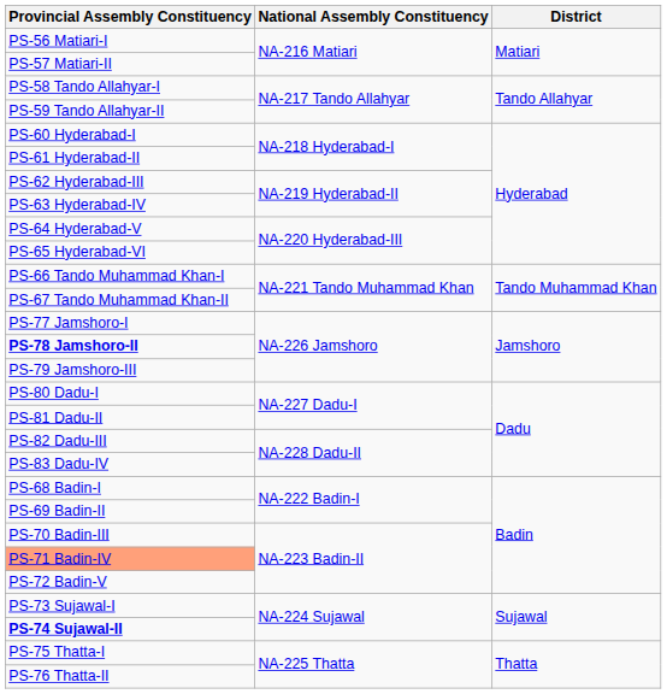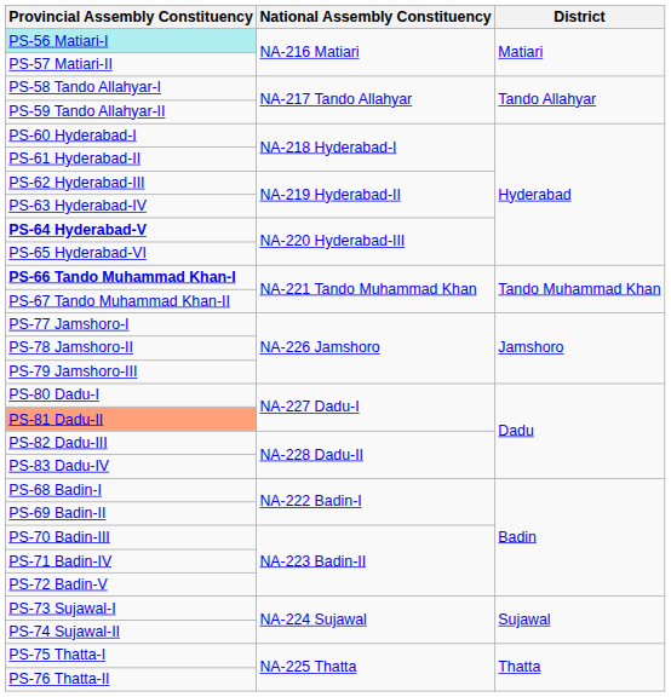 <table class="wikitable sortable static-row-numbers static-row-header-hash">
 <tr>
 <th>Provincial Assembly Constituency</th>
 <th>National Assembly Constituency</th>
 <th>District</th>
 </tr>
 <tr>
-<td><a href='#'>PS-56 Matiari-I</a></td>
+<td style="background: paleturquoise;"><a href='#'>PS-56 Matiari-I</a></td>
 <td rowspan="2"><a href='#'>NA-216 Matiari</a></td>
 <td rowspan="2"><a href='#'>Matiari</a></td>
 </tr>
 <tr>
 <td><a href='#'>PS-57 Matiari-II</a></td>
 </tr>
 <tr>
 <td><a href='#'>PS-58 Tando Allahyar-I</a></td>
 <td rowspan="2"><a href='#'>NA-217 Tando Allahyar</a></td>
 <td rowspan="2"><a href='#'>Tando Allahyar</a></td>
 </tr>
 <tr>
 <td><a href='#'>PS-59 Tando Allahyar-II</a></td>
 </tr>
 <tr>
 <td><a href='#'>PS-60 Hyderabad-I</a></td>
 <td rowspan="2"><a href='#'>NA-218 Hyderabad-I</a></td>
 <td rowspan="6"><a href='#'>Hyderabad</a></td>
 </tr>
 <tr>
 <td><a href='#'>PS-61 Hyderabad-II</a></td>
 </tr>
 <tr>
 <td><a href='#'>PS-62 Hyderabad-III</a></td>
 <td rowspan="2"><a href='#'>NA-219 Hyderabad-II</a></td>
 </tr>
 <tr>
 <td><a href='#'>PS-63 Hyderabad-IV</a></td>
 </tr>
 <tr>
-<td><a href='#'>PS-64 Hyderabad-V</a></td>
+<td><strong><a href='#'>PS-64 Hyderabad-V</a></strong></td>
 <td rowspan="2"><a href='#'>NA-220 Hyderabad-III</a></td>
 </tr>
 <tr>
 <td><a href='#'>PS-65 Hyderabad-VI</a></td>
 </tr>
 <tr>
-<td><a href='#'>PS-66 Tando Muhammad Khan-I</a></td>
+<td><strong><a href='#'>PS-66 Tando Muhammad Khan-I</a></strong></td>
 <td rowspan="2"><a href='#'>NA-221 Tando Muhammad Khan</a></td>
 <td rowspan="2"><a href='#'>Tando Muhammad Khan</a></td>
 </tr>
 <tr>
 <td><a href='#'>PS-67 Tando Muhammad Khan-II</a></td>
 </tr>
 <tr>
 <td><a href='#'>PS-77 Jamshoro-I</a></td>
 <td rowspan="3"><a href='#'>NA-226 Jamshoro</a></td>
 <td rowspan="3"><a href='#'>Jamshoro</a></td>
 </tr>
 <tr>
-<td><strong><a href='#'>PS-78 Jamshoro-II</a></strong></td>
+<td><a href='#'>PS-78 Jamshoro-II</a></td>
 </tr>
 <tr>
 <td><a href='#'>PS-79 Jamshoro-III</a></td>
 </tr>
 <tr>
 <td><a href='#'>PS-80 Dadu-I</a></td>
 <td rowspan="2"><a href='#'>NA-227 Dadu-I</a></td>
 <td rowspan="4"><a href='#'>Dadu</a></td>
 </tr>
 <tr>
-<td><a href='#'>PS-81 Dadu-II</a></td>
+<td style="background: lightsalmon;"><a href='#'>PS-81 Dadu-II</a></td>
 </tr>
 <tr>
 <td><a href='#'>PS-82 Dadu-III</a></td>
 <td rowspan="2"><a href='#'>NA-228 Dadu-II</a></td>
 </tr>
 <tr>
 <td><a href='#'>PS-83 Dadu-IV</a></td>
 </tr>
 <tr>
 <td><a href='#'>PS-68 Badin-I</a></td>
 <td rowspan="3"><a href='#'>NA-222 Badin-I</a></td>
 <td rowspan="6"><a href='#'>Badin</a></td>
 </tr>
 <tr>
 <td><a href='#'>PS-69 Badin-II</a></td>
 </tr>
 <tr>
 <td rowspan="2"><a href='#'>PS-70 Badin-III</a></td>
 </tr>
 <tr>
 <td rowspan="3"><a href='#'>NA-223 Badin-II</a></td>
 </tr>
 <tr>
-<td style="background: lightsalmon;"><a href='#'>PS-71 Badin-IV</a></td>
+<td><a href='#'>PS-71 Badin-IV</a></td>
 </tr>
 <tr>
 <td><a href='#'>PS-72 Badin-V</a></td>
 </tr>
 <tr>
 <td><a href='#'>PS-73 Sujawal-I</a></td>
 <td rowspan="2"><a href='#'>NA-224 Sujawal</a></td>
 <td rowspan="2"><a href='#'>Sujawal</a></td>
 </tr>
 <tr>
-<td><strong><a href='#'>PS-74 Sujawal-II</a></strong></td>
+<td><a href='#'>PS-74 Sujawal-II</a></td>
 </tr>
 <tr>
 <td><a href='#'>PS-75 Thatta-I</a></td>
 <td rowspan="2"><a href='#'>NA-225 Thatta</a></td>
 <td rowspan="2"><a href='#'>Thatta</a></td>
 </tr>
 <tr>
 <td><a href='#'>PS-76 Thatta-II</a></td>
 </tr>
 </table>
